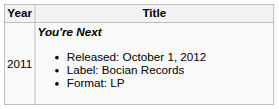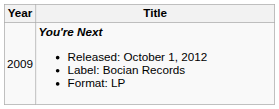 <table class="wikitable">
 <tr>
 <th>Year</th>
 <th style="width:225px;">Title</th>
 </tr>
 <tr>
-<td>2011</td>
+<td>2009</td>
 <td style="width:20em"><strong><em>You're Next</em></strong><br><ul><li>Released: October 1, 2012</li><li>Label: Bocian Records </li><li>Format: LP</li></ul></td>
 </tr>
 </table>
